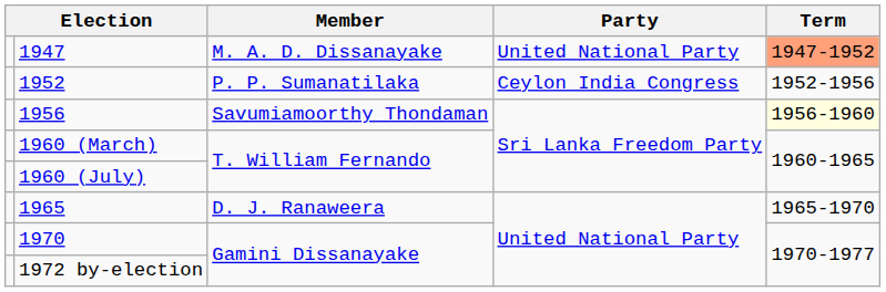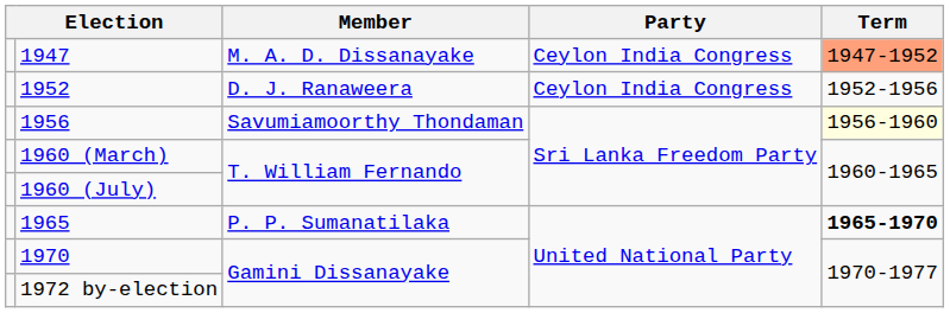 <table class="wikitable">
 <tr>
 <th colspan="2">Election</th>
 <th>Member</th>
 <th>Party</th>
 <th>Term</th>
 </tr>
 <tr>
 <td style="background-color: "></td>
 <td><a href='#'>1947</a></td>
 <td><a href='#'>M. A. D. Dissanayake</a></td>
-<td><a href='#'>United National Party</a></td>
+<td><a href='#'>Ceylon India Congress</a></td>
 <td style="background: lightsalmon;">1947-1952</td>
 </tr>
 <tr>
 <td style="background-color: "></td>
 <td><a href='#'>1952</a></td>
-<td><a href='#'>P. P. Sumanatilaka</a></td>
+<td><a href='#'>D. J. Ranaweera</a></td>
 <td><a href='#'>Ceylon India Congress</a></td>
 <td>1952-1956</td>
 </tr>
 <tr>
 <td style="background-color: "></td>
 <td><a href='#'>1956</a></td>
 <td><a href='#'>Savumiamoorthy Thondaman</a></td>
 <td rowspan=3><a href='#'>Sri Lanka Freedom Party</a></td>
 <td style="background: lightyellow;">1956-1960</td>
 </tr>
 <tr>
 <td style="background-color: "></td>
 <td><a href='#'>1960 (March)</a></td>
 <td rowspan=2><a href='#'>T. William Fernando</a></td>
 <td rowspan=2>1960-1965</td>
 </tr>
 <tr>
 <td style="background-color: "></td>
 <td><a href='#'>1960 (July)</a></td>
 </tr>
 <tr>
 <td style="background-color: "></td>
 <td><a href='#'>1965</a></td>
-<td><a href='#'>D. J. Ranaweera</a></td>
+<td><a href='#'>P. P. Sumanatilaka</a></td>
 <td rowspan=3><a href='#'>United National Party</a></td>
-<td>1965-1970</td>
+<td><strong>1965-1970</strong></td>
 </tr>
 <tr>
 <td style="background-color: "></td>
 <td><a href='#'>1970</a></td>
 <td rowspan=2><a href='#'>Gamini Dissanayake</a></td>
 <td rowspan=2>1970-1977</td>
 </tr>
 <tr>
 <td style="background-color: "></td>
 <td>1972 by-election</td>
 </tr>
 </table>
